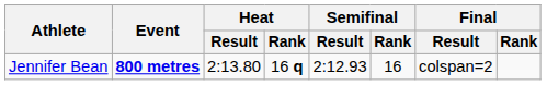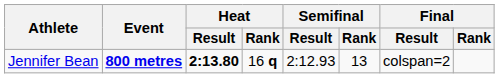 <table class=wikitable style=font-size:90%>
 <tr>
 <th rowspan=2>Athlete</th>
 <th rowspan=2>Event</th>
 <th colspan=2>Heat</th>
 <th colspan=2>Semifinal</th>
 <th colspan=2>Final</th>
 </tr>
 <tr style=font-size:95%>
 <th>Result</th>
 <th>Rank</th>
 <th>Result</th>
 <th>Rank</th>
 <th>Result</th>
 <th>Rank</th>
 </tr>
 <tr align=center>
 <td align=left><a href='#'>Jennifer Bean</a></td>
 <td align=left><strong><a href='#'>800 metres</a></strong></td>
-<td>2:13.80</td>
+<td><strong>2:13.80</strong></td>
 <td>16 <strong>q</strong></td>
 <td>2:12.93</td>
-<td>16</td>
+<td>13</td>
 <td>colspan=2 </td>
 </tr>
 </table>
